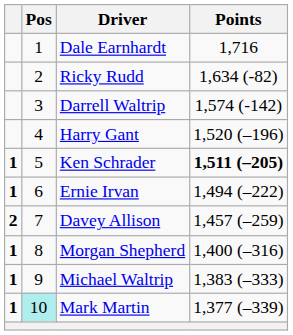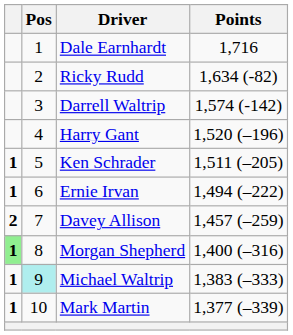 <table class="wikitable" style="font-size: 95%;">
 <tr>
 <th></th>
 <th>Pos</th>
 <th>Driver</th>
 <th>Points</th>
 </tr>
 <tr>
 <td align="left"></td>
 <td style="text-align:center;">1</td>
 <td><a href='#'>Dale Earnhardt</a></td>
 <td style="text-align:center;">1,716</td>
 </tr>
 <tr>
 <td align="left"></td>
 <td style="text-align:center;">2</td>
 <td><a href='#'>Ricky Rudd</a></td>
 <td style="text-align:center;">1,634 (-82)</td>
 </tr>
 <tr>
 <td align="left"></td>
 <td style="text-align:center;">3</td>
 <td><a href='#'>Darrell Waltrip</a></td>
 <td style="text-align:center;">1,574 (-142)</td>
 </tr>
 <tr>
 <td align="left"></td>
 <td style="text-align:center;">4</td>
 <td><a href='#'>Harry Gant</a></td>
 <td style="text-align:center;">1,520 (–196)</td>
 </tr>
 <tr>
 <td align="left">  <strong>1</strong></td>
 <td style="text-align:center;">5</td>
 <td><a href='#'>Ken Schrader</a></td>
-<td style="text-align:center;"><strong>1,511 (–205)</strong></td>
+<td style="text-align:center;">1,511 (–205)</td>
 </tr>
 <tr>
 <td align="left">  <strong>1</strong></td>
 <td style="text-align:center;">6</td>
 <td><a href='#'>Ernie Irvan</a></td>
 <td style="text-align:center;">1,494 (–222)</td>
 </tr>
 <tr>
 <td align="left">  <strong>2</strong></td>
 <td style="text-align:center;">7</td>
 <td><a href='#'>Davey Allison</a></td>
 <td style="text-align:center;">1,457 (–259)</td>
 </tr>
 <tr>
-<td align="left">  <strong>1</strong></td>
+<td align="left" style="background: lightgreen;">  <strong>1</strong></td>
 <td style="text-align:center;">8</td>
 <td><a href='#'>Morgan Shepherd</a></td>
 <td style="text-align:center;">1,400 (–316)</td>
 </tr>
 <tr>
 <td align="left">  <strong>1</strong></td>
-<td style="text-align:center;">9</td>
+<td style="background: paleturquoise; text-align:center;">9</td>
 <td><a href='#'>Michael Waltrip</a></td>
 <td style="text-align:center;">1,383 (–333)</td>
 </tr>
 <tr>
 <td align="left">  <strong>1</strong></td>
-<td style="background: paleturquoise; text-align:center;">10</td>
+<td style="text-align:center;">10</td>
 <td><a href='#'>Mark Martin</a></td>
 <td style="text-align:center;">1,377 (–339)</td>
 </tr>
 <tr class="sortbottom">
 <th colspan="9"></th>
 </tr>
 </table>
